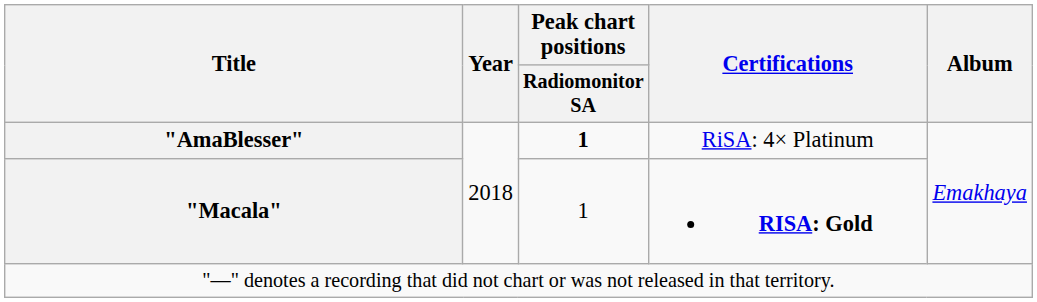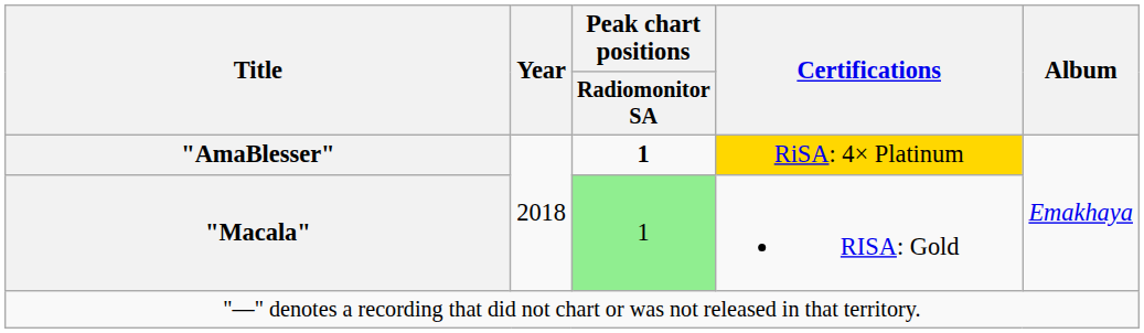 <table class="wikitable plainrowheaders" style="text-align:center;">
 <tr>
 <th rowspan="2" scope="col" style="width:20em;">Title</th>
 <th rowspan="2" scope="col">Year</th>
 <th colspan="1" scope="col">Peak chart positions</th>
 <th rowspan="2" scope="col" style="width:12em;"><a href='#'>Certifications</a></th>
 <th rowspan="2" scope="col">Album</th>
 </tr>
 <tr>
 <th style="width:3em;font-size:90%;">Radiomonitor SA</th>
 </tr>
 <tr>
 <th scope="row">"AmaBlesser"</th>
 <td rowspan="2">2018</td>
 <td><strong>1</strong></td>
-<td><a href='#'>RiSA</a>: 4× Platinum</td>
+<td style="background: gold;"><a href='#'>RiSA</a>: 4× Platinum</td>
 <td rowspan="2"><em><a href='#'>Emakhaya</a></em></td>
 </tr>
 <tr>
 <th scope="row">"Macala"</th>
-<td>1</td>
-<td><strong><br><ul><li><a href='#'>RISA</a>: Gold</li></ul></strong></td>
+<td style="background: lightgreen;">1</td>
+<td><br><ul><li><a href='#'>RISA</a>: Gold</li></ul></td>
 </tr>
 <tr>
 <td colspan="6" style="font-size:90%">"—" denotes a recording that did not chart or was not released in that territory.</td>
 </tr>
 </table>
